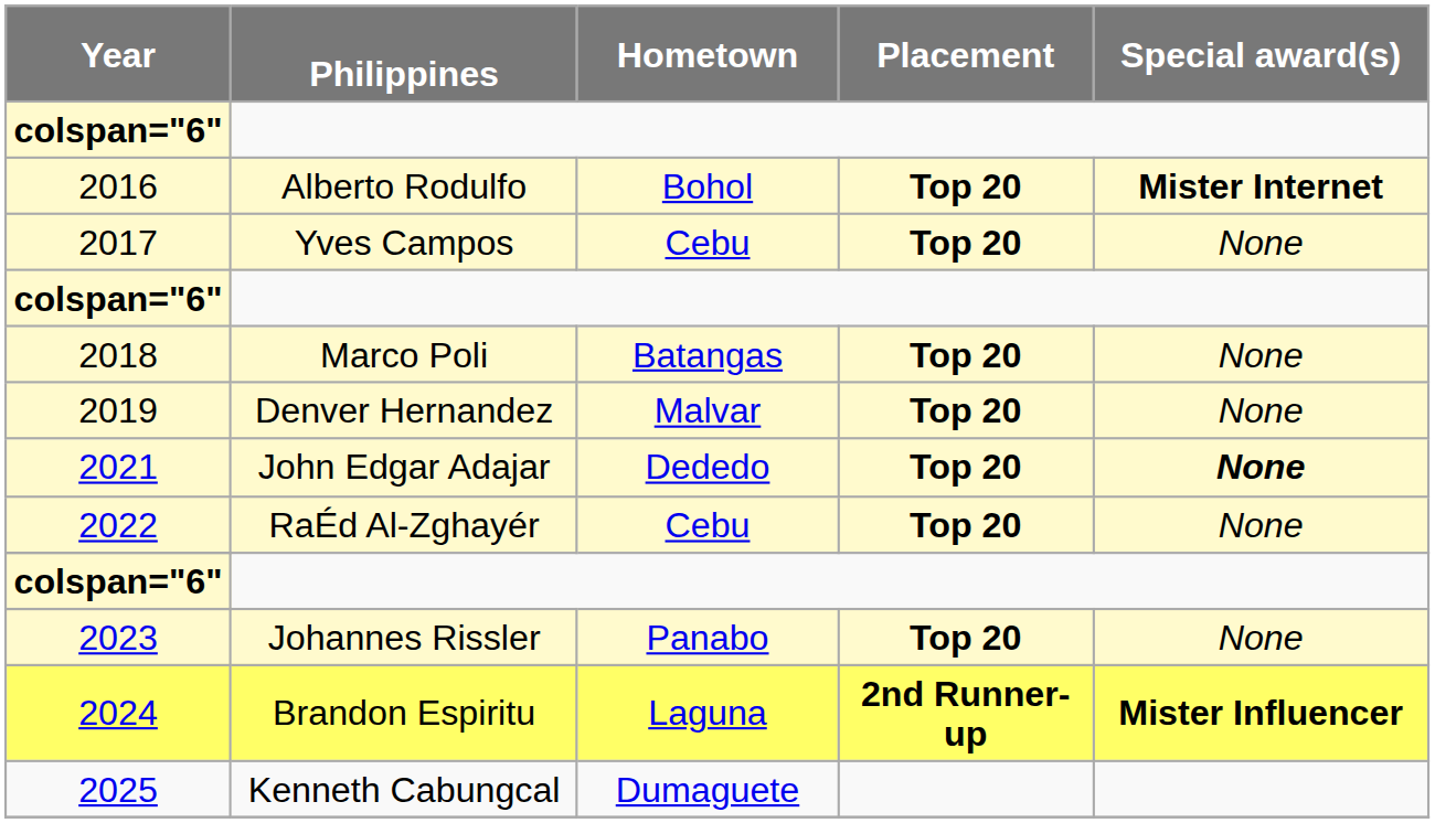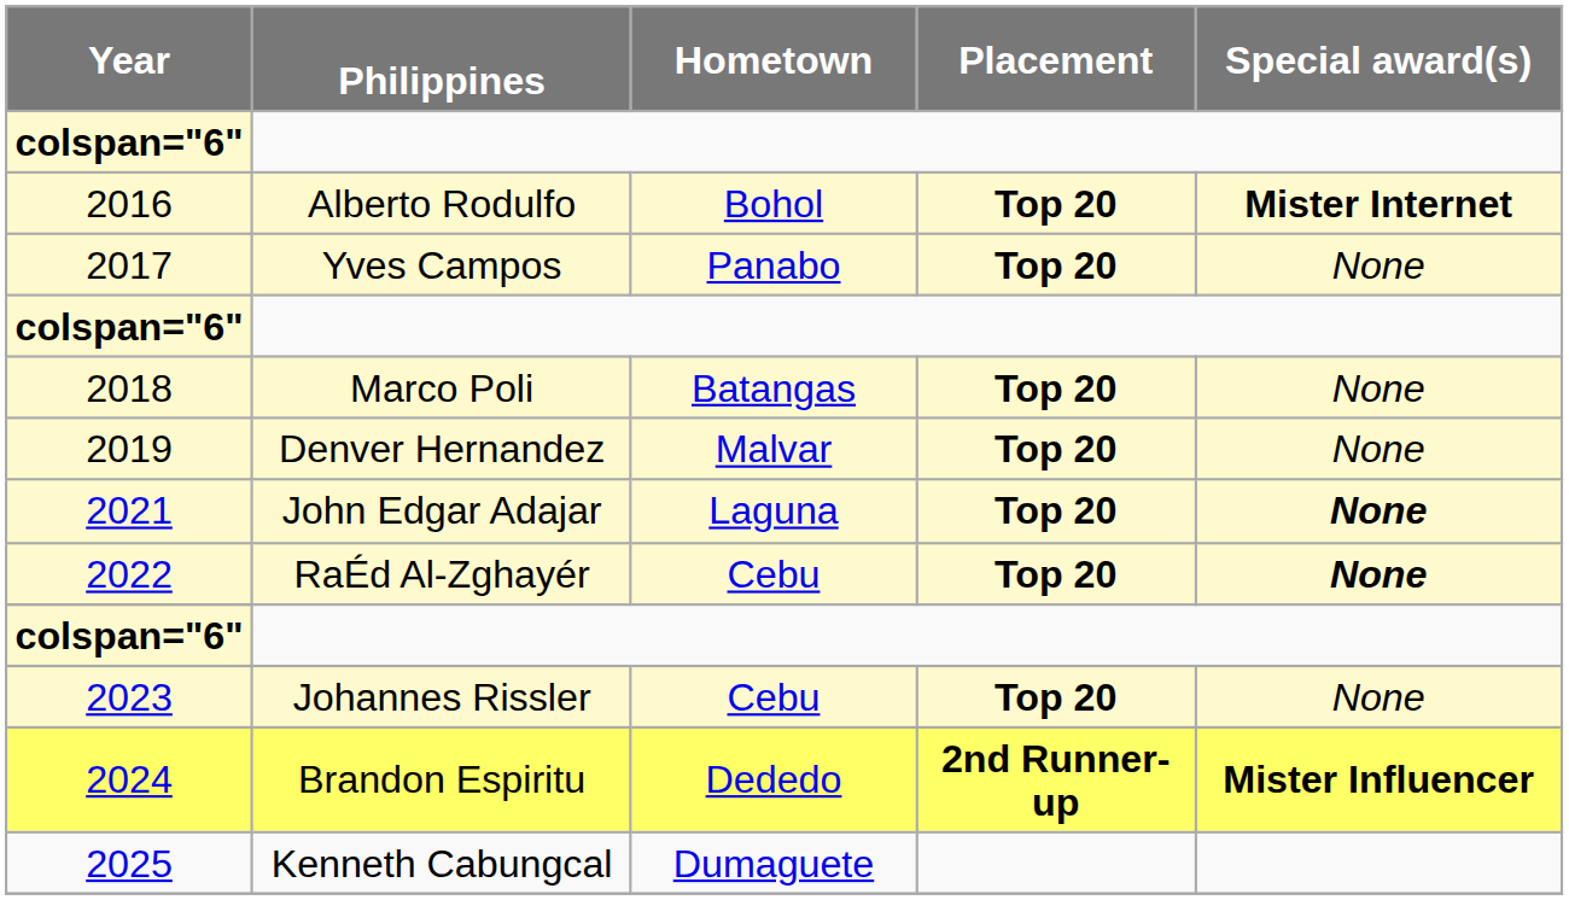 <table class="wikitable sortable" style="font-size: 95%; text-align:center">
 <tr>
 <th width="20" style="background-color:#787878;color:#FFFFFF;">Year</th>
 <th width="250" style="background-color:#787878;color:#FFFFFF;"><br>Philippines</th>
 <th width="150" style="background-color:#787878;color:#FFFFFF;">Hometown</th>
 <th width="150" style="background-color:#787878;color:#FFFFFF;">Placement</th>
 <th width="250" style="background-color:#787878;color:#FFFFFF;">Special award(s)</th>
 </tr>
 <tr style="background-color:#FFFACD; font-weight: bold">
 <td>colspan="6" </td>
 </tr>
 <tr style="background-color:#FFFACD">
 <td>2016</td>
 <td>Alberto Rodulfo</td>
 <td><a href='#'>Bohol</a></td>
 <td><strong>Top 20</strong></td>
 <td><strong>Mister Internet</strong></td>
 </tr>
 <tr style="background-color:#FFFACD">
 <td>2017</td>
 <td>Yves Campos</td>
-<td><a href='#'>Cebu</a></td>
+<td><a href='#'>Panabo</a></td>
 <td><strong>Top 20</strong></td>
 <td><em>None</em></td>
 </tr>
 <tr style="background-color:#FFFACD; font-weight: bold">
 <td>colspan="6" </td>
 </tr>
 <tr style="background-color:#FFFACD">
 <td>2018</td>
 <td>Marco Poli</td>
 <td><a href='#'>Batangas</a></td>
 <td><strong>Top 20</strong></td>
 <td><em>None</em></td>
 </tr>
 <tr style="background-color:#FFFACD">
 <td>2019</td>
 <td>Denver Hernandez</td>
 <td><a href='#'>Malvar</a></td>
 <td><strong>Top 20</strong></td>
 <td><em>None</em></td>
 </tr>
 <tr style="background-color:#FFFACD">
 <td><a href='#'>2021</a></td>
 <td>John Edgar Adajar</td>
-<td><a href='#'>Dededo</a></td>
+<td><a href='#'>Laguna</a></td>
 <td><strong>Top 20</strong></td>
 <td><strong><em>None</em></strong></td>
 </tr>
 <tr style="background-color:#FFFACD">
 <td><a href='#'>2022</a></td>
 <td>RaÉd Al-Zghayér</td>
 <td><a href='#'>Cebu</a></td>
 <td><strong>Top 20</strong></td>
-<td><em>None</em></td>
+<td><strong><em>None</em></strong></td>
 </tr>
 <tr>
 </tr>
 <tr style="background-color:#FFFACD; font-weight: bold">
 <td>colspan="6" </td>
 </tr>
 <tr>
 </tr>
 <tr style="background-color:#FFFACD">
 <td><a href='#'>2023</a></td>
 <td>Johannes Rissler</td>
-<td><a href='#'>Panabo</a></td>
+<td><a href='#'>Cebu</a></td>
 <td><strong>Top 20</strong></td>
 <td><em>None</em></td>
 </tr>
 <tr style="background-color:#FFFF66">
 <td><a href='#'>2024</a></td>
 <td>Brandon Espiritu</td>
-<td><a href='#'>Laguna</a></td>
+<td><a href='#'>Dededo</a></td>
 <td><strong>2nd Runner-up</strong></td>
 <td><strong>Mister Influencer</strong></td>
 </tr>
 <tr>
 <td><a href='#'>2025</a></td>
 <td>Kenneth Cabungcal</td>
 <td><a href='#'>Dumaguete</a></td>
 <td></td>
 <td></td>
 </tr>
 <tr>
 </tr>
 </table>
